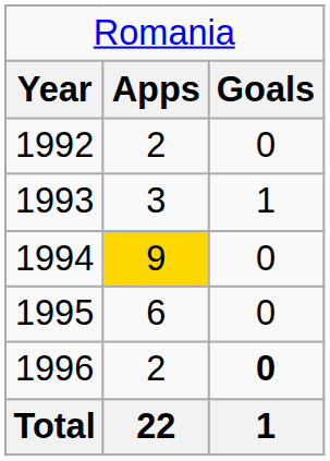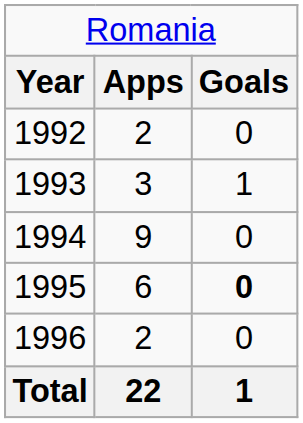 <table class="wikitable" style="text-align:center">
 <tr>
 <td colspan="3"><a href='#'>Romania</a></td>
 </tr>
 <tr>
 <th>Year</th>
 <th>Apps</th>
 <th>Goals</th>
 </tr>
 <tr>
 <td>1992</td>
 <td>2</td>
 <td>0</td>
 </tr>
 <tr>
 <td>1993</td>
 <td>3</td>
 <td>1</td>
 </tr>
 <tr>
 <td>1994</td>
-<td style="background: gold;">9</td>
+<td>9</td>
 <td>0</td>
 </tr>
 <tr>
 <td>1995</td>
 <td>6</td>
-<td>0</td>
+<td><strong>0</strong></td>
 </tr>
 <tr>
 <td>1996</td>
 <td>2</td>
-<td><strong>0</strong></td>
+<td>0</td>
 </tr>
 <tr>
 <th>Total</th>
 <th>22</th>
 <th>1</th>
 </tr>
 </table>
